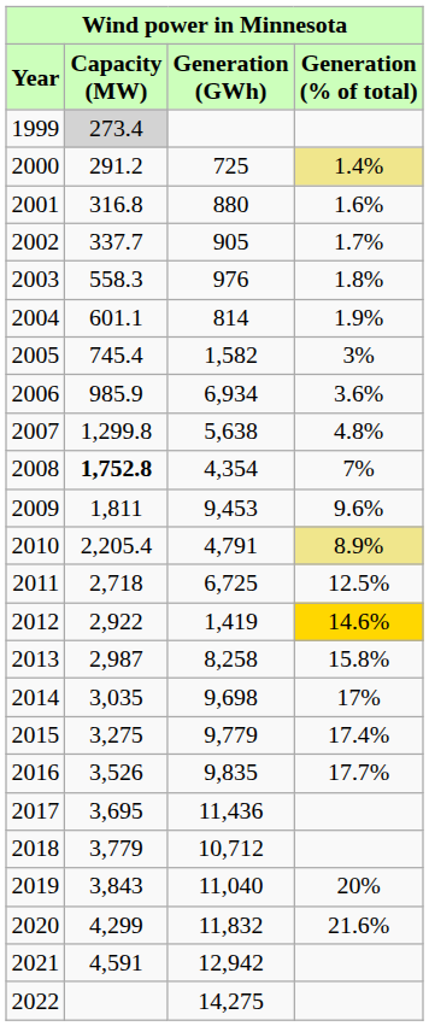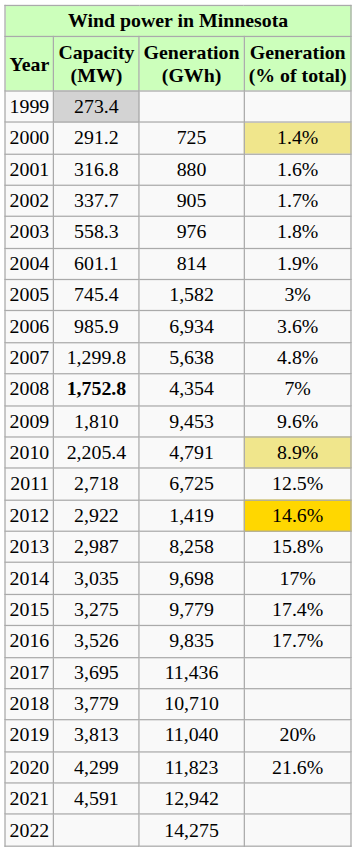 <table class="wikitable" style="float: left; margin-left: 10px">
 <tr>
 <th colspan="5" align=center style="background:#cfb">Wind power in Minnesota</th>
 </tr>
 <tr>
 <th style="background:#cfb">Year</th>
 <th align=right style="background:#cfb">Capacity<br> (MW)<br> </th>
 <th align=right style="background:#cfb">Generation<br> (GWh)</th>
 <th align=right style="background:#cfb">Generation<br> (% of total)</th>
 </tr>
 <tr>
 <td align=right>1999</td>
 <td align=center style="background: lightgrey;">273.4</td>
 <td align="center"></td>
 <td align="center"></td>
 </tr>
 <tr>
 <td align=right>2000</td>
 <td align=center>291.2</td>
 <td align="center">725</td>
 <td align="center" style="background: khaki;">1.4%</td>
 </tr>
 <tr>
 <td align=right>2001</td>
 <td align=center>316.8</td>
 <td align="center">880</td>
 <td align="center">1.6%</td>
 </tr>
 <tr>
 <td align=right>2002</td>
 <td align=center>337.7</td>
 <td align="center">905</td>
 <td align="center">1.7%</td>
 </tr>
 <tr>
 <td align=right>2003</td>
 <td align=center>558.3</td>
 <td align="center">976</td>
 <td align="center">1.8%</td>
 </tr>
 <tr>
 <td align=right>2004</td>
 <td align=center>601.1</td>
 <td align="center">814</td>
 <td align="center">1.9%</td>
 </tr>
 <tr>
 <td align=right>2005</td>
 <td align=center>745.4</td>
 <td align="center">1,582</td>
 <td align="center">3%</td>
 </tr>
 <tr>
 <td align=right>2006</td>
 <td align=center>985.9</td>
 <td align="center">6,934</td>
 <td align="center">3.6%</td>
 </tr>
 <tr>
 <td align=right>2007</td>
 <td align=center>1,299.8</td>
 <td align="center">5,638</td>
 <td align="center">4.8%</td>
 </tr>
 <tr>
 <td align=right>2008</td>
 <td align=center><strong>1,752.8</strong></td>
 <td align="center">4,354</td>
 <td align="center">7%</td>
 </tr>
 <tr>
 <td align=right>2009</td>
-<td align=center>1,811</td>
+<td align=center>1,810</td>
 <td align="center">9,453</td>
 <td align="center">9.6%</td>
 </tr>
 <tr>
 <td align=right>2010</td>
 <td align=center>2,205.4</td>
 <td align="center">4,791</td>
 <td align="center" style="background: khaki;">8.9%</td>
 </tr>
 <tr>
 <td align=right>2011</td>
 <td align=center>2,718</td>
 <td align="center">6,725</td>
 <td align="center">12.5%</td>
 </tr>
 <tr>
 <td align=right>2012</td>
 <td align=center>2,922</td>
 <td align="center">1,419</td>
 <td align="center" style="background: gold;">14.6%</td>
 </tr>
 <tr>
 <td align=right>2013</td>
 <td align=center>2,987</td>
 <td align="center">8,258</td>
 <td align="center">15.8%</td>
 </tr>
 <tr>
 <td align=right>2014</td>
 <td align=center>3,035</td>
 <td align="center">9,698</td>
 <td align="center">17%</td>
 </tr>
 <tr>
 <td align=right>2015</td>
 <td align=center>3,275</td>
 <td align="center">9,779</td>
 <td align="center">17.4%</td>
 </tr>
 <tr>
 <td align=right>2016</td>
 <td align=center>3,526</td>
 <td align="center">9,835</td>
 <td align="center">17.7%</td>
 </tr>
 <tr>
 <td align=right>2017</td>
 <td align=center>3,695</td>
 <td align="center">11,436</td>
 <td align="center"></td>
 </tr>
 <tr>
 <td align=right>2018</td>
 <td align=center>3,779</td>
-<td align="center">10,712</td>
+<td align="center">10,710</td>
 <td align="center"></td>
 </tr>
 <tr>
 <td align=right>2019</td>
-<td align=center>3,843</td>
+<td align=center>3,813</td>
 <td align="center">11,040</td>
 <td align="center">20%</td>
 </tr>
 <tr>
 <td align=right>2020</td>
 <td align=center>4,299</td>
-<td align="center">11,832</td>
+<td align="center">11,823</td>
 <td align="center">21.6%</td>
 </tr>
 <tr>
 <td align=right>2021</td>
 <td align=center>4,591</td>
 <td align="center">12,942</td>
 <td align="center"></td>
 </tr>
 <tr>
 <td align=right>2022</td>
 <td align=center></td>
 <td align="center">14,275</td>
 <td align="center"></td>
 </tr>
 </table>
